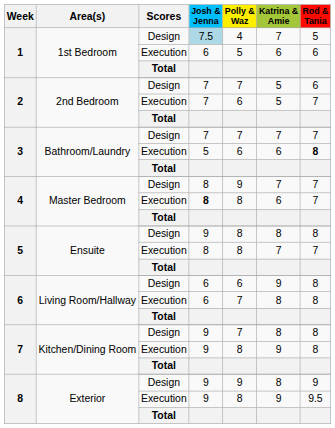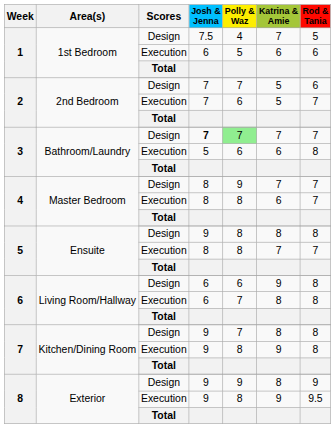 <table class="wikitable plainrowheaders" style="text-align:center;">
 <tr>
 <th scope="col">Week</th>
 <th scope="col">Area(s)</th>
 <th scope="col">Scores</th>
 <th style="background-color:#00BFFF; font-size:85%;">Josh &<br>Jenna</th>
 <th style="background-color:#FDEE00; font-size:85%;">Polly &<br>Waz</th>
 <th style="background-color:#A4C639; font-size:85%;">Katrina &<br>Amie</th>
 <th style="background-color:#FF0800; font-size:85%;">Rod &<br>Tania</th>
 </tr>
 <tr>
 <th rowspan="3">1</th>
 <td rowspan="3">1st Bedroom</td>
 <td>Design</td>
-<td style="background: lightblue;">7.5</td>
+<td>7.5</td>
 <td>4</td>
 <td>7</td>
 <td>5</td>
 </tr>
 <tr>
 <td>Execution</td>
 <td>6</td>
 <td>5</td>
 <td>6</td>
 <td>6</td>
 </tr>
 <tr>
 <th>Total</th>
 <th></th>
 <th></th>
 <th></th>
 <th></th>
 </tr>
 <tr>
 <th rowspan="4">2</th>
 <td rowspan="4">2nd Bedroom</td>
 </tr>
 <tr>
 <td>Design</td>
 <td>7</td>
 <td>7</td>
 <td>5</td>
 <td>6</td>
 </tr>
 <tr>
 <td>Execution</td>
 <td>7</td>
 <td>6</td>
 <td>5</td>
 <td>7</td>
 </tr>
 <tr>
 <th>Total</th>
 <th></th>
 <th></th>
 <th></th>
 <th></th>
 </tr>
 <tr>
 <th rowspan="4">3</th>
 <td rowspan="4">Bathroom/Laundry</td>
 </tr>
 <tr>
 <td>Design</td>
-<td>7</td>
-<td>7</td>
+<td><strong>7</strong></td>
+<td style="background: lightgreen;">7</td>
 <td>7</td>
 <td>7</td>
 </tr>
 <tr>
 <td>Execution</td>
 <td>5</td>
 <td>6</td>
 <td>6</td>
-<td><strong>8</strong></td>
+<td>8</td>
 </tr>
 <tr>
 <th>Total</th>
 <th></th>
 <th></th>
 <th></th>
 <th></th>
 </tr>
 <tr>
 <th rowspan="4">4</th>
 <td rowspan="4">Master Bedroom</td>
 </tr>
 <tr>
 <td>Design</td>
 <td>8</td>
 <td>9</td>
 <td>7</td>
 <td>7</td>
 </tr>
 <tr>
 <td>Execution</td>
-<td><strong>8</strong></td>
+<td>8</td>
 <td>8</td>
 <td>6</td>
 <td>7</td>
 </tr>
 <tr>
 <th>Total</th>
 <th></th>
 <th></th>
 <th></th>
 <th></th>
 </tr>
 <tr>
 <th rowspan="4">5</th>
 <td rowspan="4">Ensuite</td>
 </tr>
 <tr>
 <td>Design</td>
 <td>9</td>
 <td>8</td>
 <td>8</td>
 <td>8</td>
 </tr>
 <tr>
 <td>Execution</td>
 <td>8</td>
 <td>8</td>
 <td>7</td>
 <td>7</td>
 </tr>
 <tr>
 <th>Total</th>
 <th></th>
 <th></th>
 <th></th>
 <th></th>
 </tr>
 <tr>
 <th rowspan="4">6</th>
 <td rowspan="4">Living Room/Hallway</td>
 </tr>
 <tr>
 <td>Design</td>
 <td>6</td>
 <td>6</td>
 <td>9</td>
 <td>8</td>
 </tr>
 <tr>
 <td>Execution</td>
 <td>6</td>
 <td>7</td>
 <td>8</td>
 <td>8</td>
 </tr>
 <tr>
 <th>Total</th>
 <th></th>
 <th></th>
 <th></th>
 <th></th>
 </tr>
 <tr>
 <th rowspan="4">7</th>
 <td rowspan="4">Kitchen/Dining Room</td>
 </tr>
 <tr>
 <td>Design</td>
 <td>9</td>
 <td>7</td>
 <td>8</td>
 <td>8</td>
 </tr>
 <tr>
 <td>Execution</td>
 <td>9</td>
 <td>8</td>
 <td>9</td>
 <td>8</td>
 </tr>
 <tr>
 <th>Total</th>
 <th></th>
 <th></th>
 <th></th>
 <th></th>
 </tr>
 <tr>
 <th rowspan="4">8</th>
 <td rowspan="4">Exterior</td>
 </tr>
 <tr>
 <td>Design</td>
 <td>9</td>
 <td>9</td>
 <td>8</td>
 <td>9</td>
 </tr>
 <tr>
 <td>Execution</td>
 <td>9</td>
 <td>8</td>
 <td>9</td>
 <td>9.5</td>
 </tr>
 <tr>
 <th>Total</th>
 <th></th>
 <th></th>
 <th></th>
 <th></th>
 </tr>
 </table>
